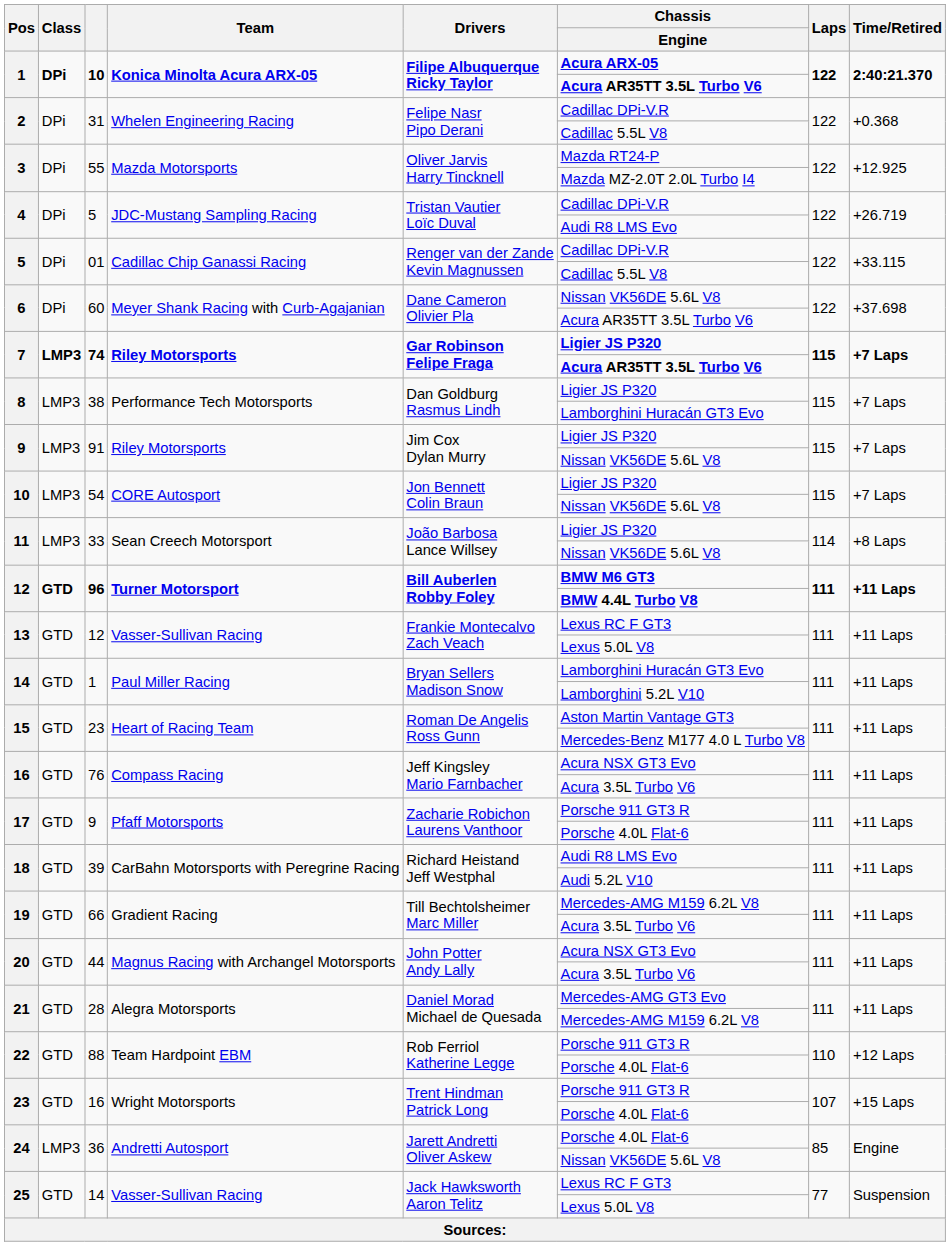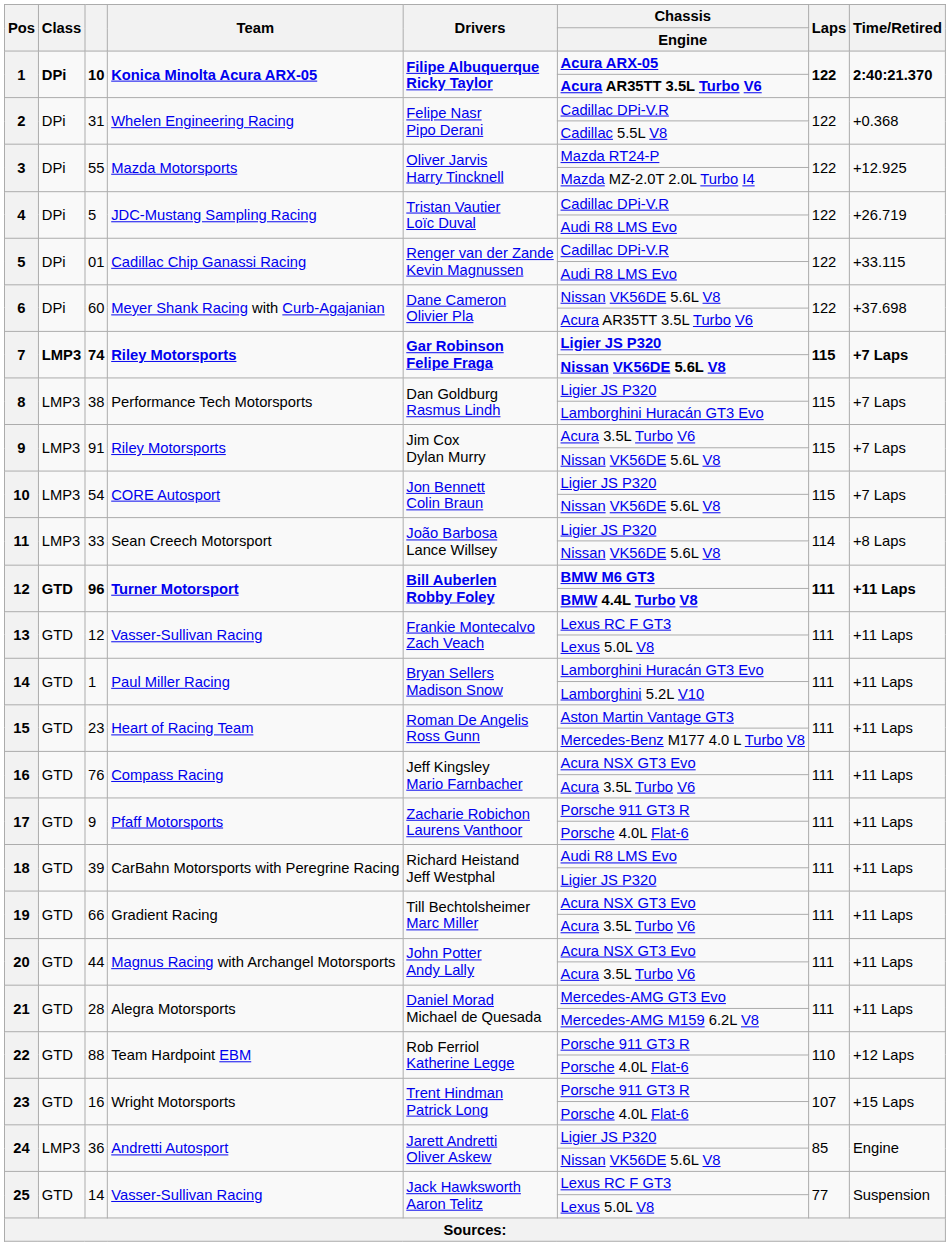 <table class="wikitable" style="font-size: 95%;">
 <tr>
 <th rowspan="2">Pos</th>
 <th rowspan="2">Class</th>
 <th rowspan="2"></th>
 <th rowspan="2">Team</th>
 <th rowspan="2">Drivers</th>
 <th>Chassis</th>
 <th rowspan="2">Laps</th>
 <th rowspan="2">Time/Retired</th>
 </tr>
 <tr>
 <th>Engine</th>
 </tr>
 <tr style="font-weight:bold">
 <th rowspan="2">1</th>
 <td rowspan="2">DPi</td>
 <td rowspan="2">10</td>
 <td rowspan="2"> <a href='#'>Konica Minolta Acura ARX-05</a></td>
 <td rowspan="2"> <strong><a href='#'>Filipe Albuquerque</a></strong><br> <a href='#'>Ricky Taylor</a></td>
 <td><a href='#'>Acura ARX-05</a></td>
 <td rowspan="2">122</td>
 <td rowspan="2">2:40:21.370</td>
 </tr>
 <tr style="font-weight:bold">
 <td><a href='#'>Acura</a> AR35TT 3.5L <a href='#'>Turbo</a> <a href='#'>V6</a></td>
 </tr>
 <tr>
 <th rowspan="2">2</th>
 <td rowspan="2">DPi</td>
 <td rowspan="2">31</td>
 <td rowspan="2">  <a href='#'>Whelen Engineering Racing</a></td>
 <td rowspan="2"> <a href='#'>Felipe Nasr</a><br> <a href='#'>Pipo Derani</a></td>
 <td><a href='#'>Cadillac DPi-V.R</a></td>
 <td rowspan="2">122</td>
 <td rowspan="2">+0.368</td>
 </tr>
 <tr>
 <td><a href='#'>Cadillac</a> 5.5L <a href='#'>V8</a></td>
 </tr>
 <tr>
 <th rowspan="2">3</th>
 <td rowspan="2">DPi</td>
 <td rowspan="2">55</td>
 <td rowspan="2"> <a href='#'>Mazda Motorsports</a></td>
 <td rowspan="2"> <a href='#'>Oliver Jarvis</a><br> <a href='#'>Harry Tincknell</a></td>
 <td><a href='#'>Mazda RT24-P</a></td>
 <td rowspan="2">122</td>
 <td rowspan="2">+12.925</td>
 </tr>
 <tr>
 <td><a href='#'>Mazda</a> MZ-2.0T 2.0L <a href='#'>Turbo</a> <a href='#'>I4</a></td>
 </tr>
 <tr>
 <th rowspan="2">4</th>
 <td rowspan="2">DPi</td>
 <td rowspan="2">5</td>
 <td rowspan="2"> <a href='#'>JDC-Mustang Sampling Racing</a></td>
 <td rowspan="2"> <a href='#'>Tristan Vautier</a><br> <a href='#'>Loïc Duval</a></td>
 <td><a href='#'>Cadillac DPi-V.R</a></td>
 <td rowspan="2">122</td>
 <td rowspan="2">+26.719</td>
 </tr>
 <tr>
 <td><a href='#'>Audi R8 LMS Evo</a></td>
 </tr>
 <tr>
 <th rowspan="2">5</th>
 <td rowspan="2">DPi</td>
 <td rowspan="2">01</td>
 <td rowspan="2"> <a href='#'>Cadillac Chip Ganassi Racing</a></td>
 <td rowspan="2"> <a href='#'>Renger van der Zande</a><br> <a href='#'>Kevin Magnussen</a></td>
 <td><a href='#'>Cadillac DPi-V.R</a></td>
 <td rowspan="2">122</td>
 <td rowspan="2">+33.115</td>
 </tr>
 <tr>
-<td><a href='#'>Cadillac</a> 5.5L <a href='#'>V8</a></td>
+<td><a href='#'>Audi R8 LMS Evo</a></td>
 </tr>
 <tr>
 <th rowspan="2">6</th>
 <td rowspan="2">DPi</td>
 <td rowspan="2">60</td>
 <td rowspan="2"> <a href='#'>Meyer Shank Racing</a> with <a href='#'>Curb-Agajanian</a></td>
 <td rowspan="2"> <a href='#'>Dane Cameron</a><br> <a href='#'>Olivier Pla</a></td>
 <td><a href='#'>Nissan</a> <a href='#'>VK56DE</a> 5.6L <a href='#'>V8</a></td>
 <td rowspan="2">122</td>
 <td rowspan="2">+37.698</td>
 </tr>
 <tr>
 <td><a href='#'>Acura</a> AR35TT 3.5L <a href='#'>Turbo</a> <a href='#'>V6</a></td>
 </tr>
 <tr style="font-weight:bold">
 <th rowspan="2">7</th>
 <td rowspan="2">LMP3</td>
 <td rowspan="2">74</td>
 <td rowspan="2"> <a href='#'>Riley Motorsports</a></td>
 <td rowspan="2"> <a href='#'>Gar Robinson</a><br>  <a href='#'>Felipe Fraga</a></td>
 <td><a href='#'>Ligier JS P320</a></td>
 <td rowspan="2">115</td>
 <td rowspan="2">+7 Laps</td>
 </tr>
 <tr style="font-weight:bold">
-<td><a href='#'>Acura</a> AR35TT 3.5L <a href='#'>Turbo</a> <a href='#'>V6</a></td>
+<td><a href='#'>Nissan</a> <a href='#'>VK56DE</a> 5.6L <a href='#'>V8</a></td>
 </tr>
 <tr>
 <th rowspan="2">8</th>
 <td rowspan="2">LMP3</td>
 <td rowspan="2">38</td>
 <td rowspan="2"> Performance Tech Motorsports</td>
 <td rowspan="2"> Dan Goldburg<br>  <a href='#'>Rasmus Lindh</a></td>
 <td><a href='#'>Ligier JS P320</a></td>
 <td rowspan="2">115</td>
 <td rowspan="2">+7 Laps</td>
 </tr>
 <tr>
 <td><a href='#'>Lamborghini Huracán GT3 Evo</a></td>
 </tr>
 <tr>
 <th rowspan="2">9</th>
 <td rowspan="2">LMP3</td>
 <td rowspan="2">91</td>
 <td rowspan="2"> <a href='#'>Riley Motorsports</a></td>
 <td rowspan="2"> Jim Cox<br>  Dylan Murry</td>
-<td><a href='#'>Ligier JS P320</a></td>
+<td><a href='#'>Acura</a> 3.5L <a href='#'>Turbo</a> <a href='#'>V6</a></td>
 <td rowspan="2">115</td>
 <td rowspan="2">+7 Laps</td>
 </tr>
 <tr>
 <td><a href='#'>Nissan</a> <a href='#'>VK56DE</a> 5.6L <a href='#'>V8</a></td>
 </tr>
 <tr>
 <th rowspan="2">10</th>
 <td rowspan="2">LMP3</td>
 <td rowspan="2">54</td>
 <td rowspan="2"> <a href='#'>CORE Autosport</a></td>
 <td rowspan="2"> <a href='#'>Jon Bennett</a><br>  <a href='#'>Colin Braun</a></td>
 <td><a href='#'>Ligier JS P320</a></td>
 <td rowspan="2">115</td>
 <td rowspan="2">+7 Laps</td>
 </tr>
 <tr>
 <td><a href='#'>Nissan</a> <a href='#'>VK56DE</a> 5.6L <a href='#'>V8</a></td>
 </tr>
 <tr>
 <th rowspan="2">11</th>
 <td rowspan="2">LMP3</td>
 <td rowspan="2">33</td>
 <td rowspan="2"> Sean Creech Motorsport</td>
 <td rowspan="2"> <a href='#'>João Barbosa</a><br> Lance Willsey</td>
 <td><a href='#'>Ligier JS P320</a></td>
 <td rowspan="2">114</td>
 <td rowspan="2">+8 Laps</td>
 </tr>
 <tr>
 <td><a href='#'>Nissan</a> <a href='#'>VK56DE</a> 5.6L <a href='#'>V8</a></td>
 </tr>
 <tr>
 <th rowspan="2">12</th>
 <td rowspan="2"><strong>GTD</strong></td>
 <td rowspan="2"><strong>96</strong></td>
 <td rowspan="2"> <strong><a href='#'>Turner Motorsport</a></strong></td>
 <td rowspan="2"><strong> <a href='#'>Bill Auberlen</a><br> <a href='#'>Robby Foley</a></strong></td>
 <td><a href='#'><strong>BMW M6 GT3</strong></a></td>
 <td rowspan="2"><strong>111</strong></td>
 <td rowspan="2"><strong>+11 Laps</strong></td>
 </tr>
 <tr>
 <td><strong><a href='#'>BMW</a></strong> <strong>4.4L <a href='#'>Turbo</a> <a href='#'>V8</a></strong></td>
 </tr>
 <tr>
 <th rowspan="2">13</th>
 <td rowspan="2">GTD</td>
 <td rowspan="2">12</td>
 <td rowspan="2"> <a href='#'>Vasser-Sullivan Racing</a></td>
 <td rowspan="2"> <a href='#'>Frankie Montecalvo</a><br> <a href='#'>Zach Veach</a></td>
 <td><a href='#'>Lexus RC F GT3</a></td>
 <td rowspan="2">111</td>
 <td rowspan="2">+11 Laps</td>
 </tr>
 <tr>
 <td><a href='#'>Lexus</a> 5.0L <a href='#'>V8</a></td>
 </tr>
 <tr>
 <th rowspan="2">14</th>
 <td rowspan="2">GTD</td>
 <td rowspan="2">1</td>
 <td rowspan="2"> <a href='#'>Paul Miller Racing</a></td>
 <td rowspan="2"> <a href='#'>Bryan Sellers</a><br> <a href='#'>Madison Snow</a></td>
 <td><a href='#'>Lamborghini Huracán GT3 Evo</a></td>
 <td rowspan="2">111</td>
 <td rowspan="2">+11 Laps</td>
 </tr>
 <tr>
 <td><a href='#'>Lamborghini</a> 5.2L <a href='#'>V10</a></td>
 </tr>
 <tr>
 <th rowspan="2">15</th>
 <td rowspan="2">GTD</td>
 <td rowspan="2">23</td>
 <td rowspan="2"> <a href='#'>Heart of Racing Team</a></td>
 <td rowspan="2"> <a href='#'>Roman De Angelis</a><br> <a href='#'>Ross Gunn</a></td>
 <td><a href='#'>Aston Martin Vantage GT3</a></td>
 <td rowspan="2">111</td>
 <td rowspan="2">+11 Laps</td>
 </tr>
 <tr>
 <td><a href='#'>Mercedes-Benz</a> M177 4.0 L <a href='#'>Turbo</a> <a href='#'>V8</a></td>
 </tr>
 <tr>
 <th rowspan="2">16</th>
 <td rowspan="2">GTD</td>
 <td rowspan="2">76</td>
 <td rowspan="2"> <a href='#'>Compass Racing</a></td>
 <td rowspan="2"> Jeff Kingsley<br> <a href='#'>Mario Farnbacher</a></td>
 <td><a href='#'>Acura NSX GT3 Evo</a></td>
 <td rowspan="2">111</td>
 <td rowspan="2">+11 Laps</td>
 </tr>
 <tr>
 <td><a href='#'>Acura</a> 3.5L <a href='#'>Turbo</a> <a href='#'>V6</a></td>
 </tr>
 <tr>
 <th rowspan="2">17</th>
 <td rowspan="2">GTD</td>
 <td rowspan="2">9</td>
 <td rowspan="2"> <a href='#'>Pfaff Motorsports</a></td>
 <td rowspan="2"> <a href='#'>Zacharie Robichon</a><br> <a href='#'>Laurens Vanthoor</a></td>
 <td><a href='#'>Porsche 911 GT3 R</a></td>
 <td rowspan="2">111</td>
 <td rowspan="2">+11 Laps</td>
 </tr>
 <tr>
 <td><a href='#'>Porsche</a> 4.0L <a href='#'>Flat-6</a></td>
 </tr>
 <tr>
 <th rowspan="2">18</th>
 <td rowspan="2">GTD</td>
 <td rowspan="2">39</td>
 <td rowspan="2"> CarBahn Motorsports with Peregrine Racing</td>
 <td rowspan="2"> Richard Heistand<br>  Jeff Westphal</td>
 <td><a href='#'>Audi R8 LMS Evo</a></td>
 <td rowspan="2">111</td>
 <td rowspan="2">+11 Laps</td>
 </tr>
 <tr>
-<td><a href='#'>Audi</a> 5.2L <a href='#'>V10</a></td>
+<td><a href='#'>Ligier JS P320</a></td>
 </tr>
 <tr>
 <th rowspan="2">19</th>
 <td rowspan="2">GTD</td>
 <td rowspan="2">66</td>
 <td rowspan="2"> Gradient Racing</td>
 <td rowspan="2"> Till Bechtolsheimer<br> <a href='#'>Marc Miller</a></td>
-<td><a href='#'>Mercedes-AMG M159</a> 6.2L <a href='#'>V8</a></td>
+<td><a href='#'>Acura NSX GT3 Evo</a></td>
 <td rowspan="2">111</td>
 <td rowspan="2">+11 Laps</td>
 </tr>
 <tr>
 <td><a href='#'>Acura</a> 3.5L <a href='#'>Turbo</a> <a href='#'>V6</a></td>
 </tr>
 <tr>
 <th rowspan="2">20</th>
 <td rowspan="2">GTD</td>
 <td rowspan="2">44</td>
 <td rowspan="2"> <a href='#'>Magnus Racing</a> with Archangel Motorsports</td>
 <td rowspan="2"> <a href='#'>John Potter</a><br> <a href='#'>Andy Lally</a></td>
 <td><a href='#'>Acura NSX GT3 Evo</a></td>
 <td rowspan="2">111</td>
 <td rowspan="2">+11 Laps</td>
 </tr>
 <tr>
 <td><a href='#'>Acura</a> 3.5L <a href='#'>Turbo</a> <a href='#'>V6</a></td>
 </tr>
 <tr>
 <th rowspan="2">21</th>
 <td rowspan="2">GTD</td>
 <td rowspan="2">28</td>
 <td rowspan="2"> Alegra Motorsports</td>
 <td rowspan="2"> <a href='#'>Daniel Morad</a><br> Michael de Quesada</td>
 <td><a href='#'>Mercedes-AMG GT3 Evo</a></td>
 <td rowspan="2">111</td>
 <td rowspan="2">+11 Laps</td>
 </tr>
 <tr>
 <td><a href='#'>Mercedes-AMG M159</a> 6.2L <a href='#'>V8</a></td>
 </tr>
 <tr>
 <th rowspan="2">22</th>
 <td rowspan="2">GTD</td>
 <td rowspan="2">88</td>
 <td rowspan="2"> Team Hardpoint <a href='#'>EBM</a></td>
 <td rowspan="2"> Rob Ferriol<br> <a href='#'>Katherine Legge</a></td>
 <td><a href='#'>Porsche 911 GT3 R</a></td>
 <td rowspan="2">110</td>
 <td rowspan="2">+12 Laps</td>
 </tr>
 <tr>
 <td><a href='#'>Porsche</a> 4.0L <a href='#'>Flat-6</a></td>
 </tr>
 <tr>
 <th rowspan="2">23</th>
 <td rowspan="2">GTD</td>
 <td rowspan="2">16</td>
 <td rowspan="2"> Wright Motorsports</td>
 <td rowspan="2"> <a href='#'>Trent Hindman</a><br> <a href='#'>Patrick Long</a></td>
 <td><a href='#'>Porsche 911 GT3 R</a></td>
 <td rowspan="2">107</td>
 <td rowspan="2">+15 Laps</td>
 </tr>
 <tr>
 <td><a href='#'>Porsche</a> 4.0L <a href='#'>Flat-6</a></td>
 </tr>
 <tr>
 <th rowspan="2">24</th>
 <td rowspan="2">LMP3</td>
 <td rowspan="2">36</td>
 <td rowspan="2"> <a href='#'>Andretti Autosport</a></td>
 <td rowspan="2"> <a href='#'>Jarett Andretti</a><br>  <a href='#'>Oliver Askew</a></td>
-<td><a href='#'>Porsche</a> 4.0L <a href='#'>Flat-6</a></td>
+<td><a href='#'>Ligier JS P320</a></td>
 <td rowspan="2">85</td>
 <td rowspan="2">Engine</td>
 </tr>
 <tr>
 <td><a href='#'>Nissan</a> <a href='#'>VK56DE</a> 5.6L <a href='#'>V8</a></td>
 </tr>
 <tr>
 <th rowspan="2">25</th>
 <td rowspan="2">GTD</td>
 <td rowspan="2">14</td>
 <td rowspan="2"> <a href='#'>Vasser-Sullivan Racing</a></td>
 <td rowspan="2"> <a href='#'>Jack Hawksworth</a><br> <a href='#'>Aaron Telitz</a></td>
 <td><a href='#'>Lexus RC F GT3</a></td>
 <td rowspan="2">77</td>
 <td rowspan="2">Suspension</td>
 </tr>
 <tr>
 <td><a href='#'>Lexus</a> 5.0L <a href='#'>V8</a></td>
 </tr>
 <tr>
 <th colspan="8" align="center">Sources:</th>
 </tr>
 </table>
